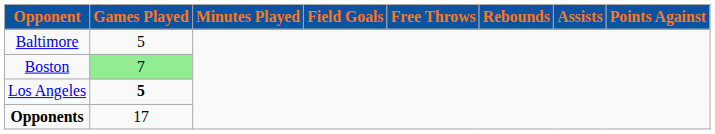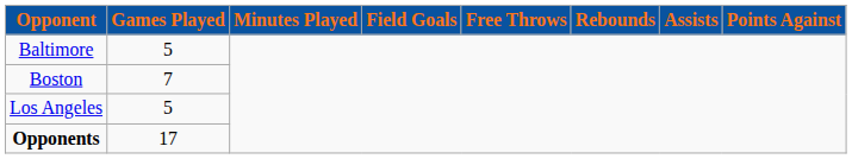 <table class="wikitable">
 <tr>
 <th style="color:#FF7518; background:#0953a0;">Opponent</th>
 <th style="color:#FF7518; background:#0953a0;">Games Played</th>
 <th style="color:#FF7518; background:#0953a0;">Minutes Played</th>
 <th style="color:#FF7518; background:#0953a0;">Field Goals</th>
 <th style="color:#FF7518; background:#0953a0;">Free Throws</th>
 <th style="color:#FF7518; background:#0953a0;">Rebounds</th>
 <th style="color:#FF7518; background:#0953a0;">Assists</th>
 <th style="color:#FF7518; background:#0953a0;">Points Against</th>
 </tr>
 <tr align="center">
 <td><a href='#'>Baltimore</a></td>
 <td>5</td>
 </tr>
 <tr align="center">
 <td><a href='#'>Boston</a></td>
-<td style="background: lightgreen;">7</td>
+<td>7</td>
 </tr>
 <tr align="center">
 <td><a href='#'>Los Angeles</a></td>
-<td><strong>5</strong></td>
+<td>5</td>
 </tr>
 <tr align="center">
 <td><strong>Opponents</strong></td>
 <td>17</td>
 </tr>
 </table>
